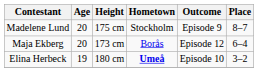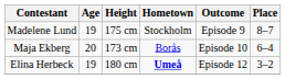 <table class="wikitable" style="text-align:center;">
 <tr>
 <th colspan="1">Contestant</th>
 <th colspan="1">Age</th>
 <th colspan="1">Height</th>
 <th colspan="1">Hometown</th>
 <th>Outcome</th>
 <th>Place</th>
 </tr>
 <tr>
 <td>Madelene Lund</td>
-<td>20</td>
+<td>19</td>
 <td>175 cm</td>
 <td>Stockholm</td>
 <td>Episode 9</td>
 <td>8–7</td>
 </tr>
 <tr>
 <td>Maja Ekberg</td>
 <td>20</td>
 <td>173 cm</td>
 <td><a href='#'>Borås</a></td>
-<td>Episode 12</td>
+<td>Episode 10</td>
 <td>6–4</td>
 </tr>
 <tr>
 <td>Elina Herbeck</td>
 <td>19</td>
 <td>180 cm</td>
 <td><strong><a href='#'>Umeå</a></strong></td>
-<td>Episode 10</td>
+<td>Episode 12</td>
 <td>3–2</td>
 </tr>
 <tr>
 </tr>
 </table>
